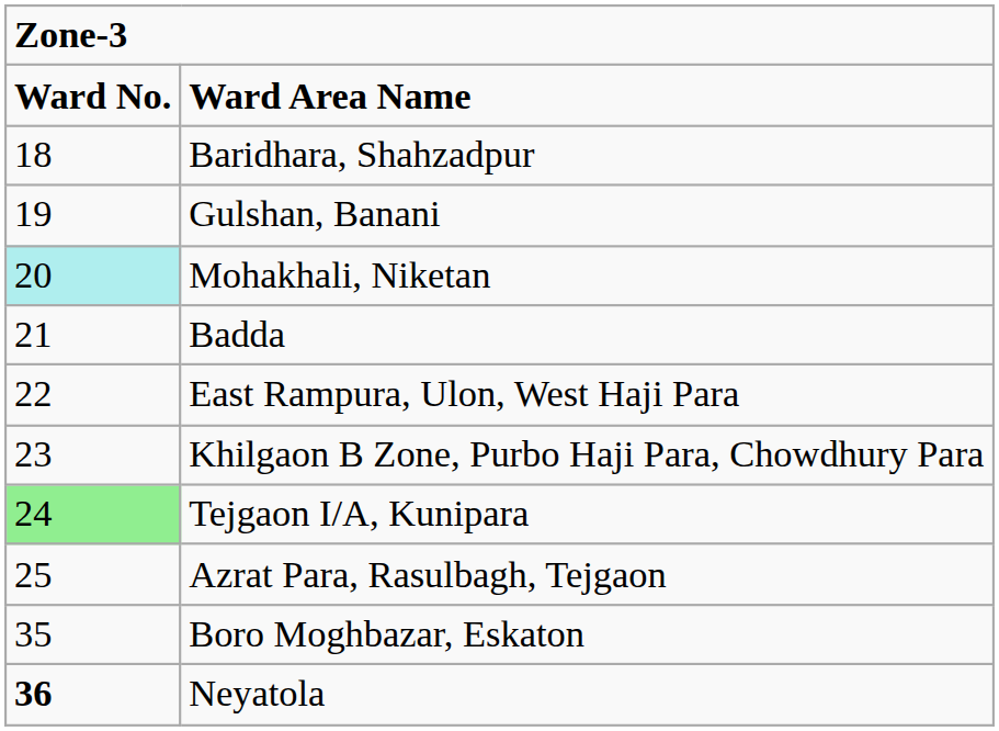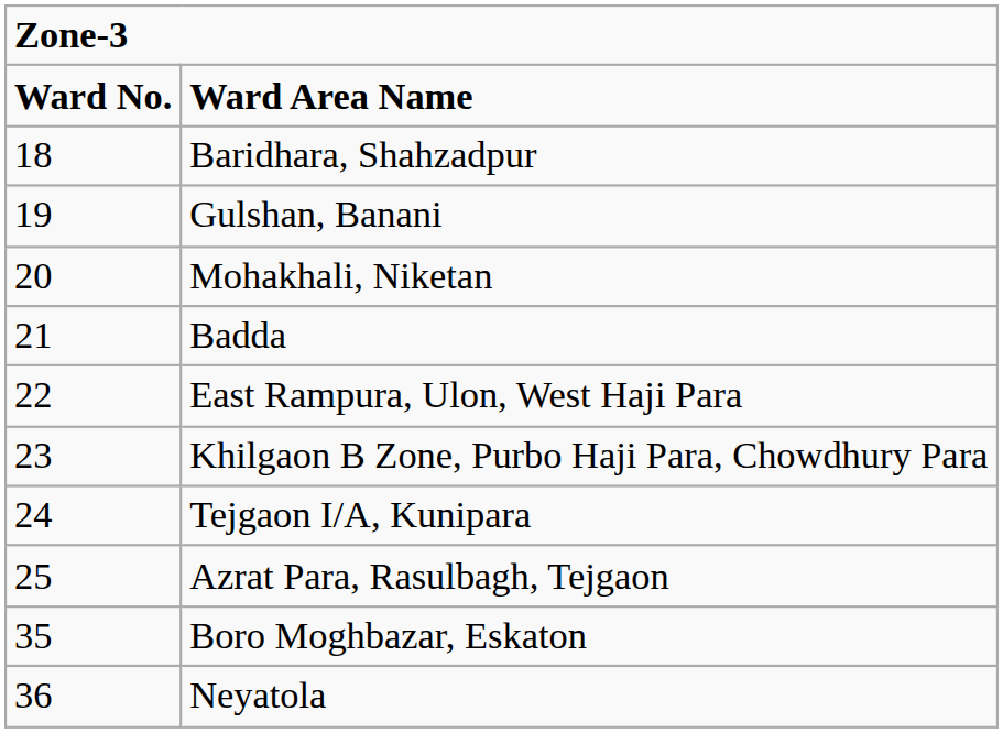 <table class="wikitable">
 <tr>
 <td colspan="2"><strong>Zone-3</strong></td>
 </tr>
 <tr>
 <td><strong>Ward No.</strong></td>
 <td><strong>Ward Area  Name</strong></td>
 </tr>
 <tr>
 <td>18</td>
 <td>Baridhara, Shahzadpur</td>
 </tr>
 <tr>
 <td>19</td>
 <td>Gulshan, Banani</td>
 </tr>
 <tr>
-<td style="background: paleturquoise;">20</td>
+<td>20</td>
 <td>Mohakhali,  Niketan</td>
 </tr>
 <tr>
 <td>21</td>
 <td>Badda</td>
 </tr>
 <tr>
 <td>22</td>
 <td>East Rampura,  Ulon, West Haji Para</td>
 </tr>
 <tr>
 <td>23</td>
 <td>Khilgaon B  Zone, Purbo Haji Para, Chowdhury Para</td>
 </tr>
 <tr>
-<td style="background: lightgreen;">24</td>
+<td>24</td>
 <td>Tejgaon I/A,  Kunipara</td>
 </tr>
 <tr>
 <td>25</td>
 <td>Azrat Para,  Rasulbagh, Tejgaon</td>
 </tr>
 <tr>
 <td>35</td>
 <td>Boro  Moghbazar, Eskaton</td>
 </tr>
 <tr>
-<td><strong>36</strong></td>
+<td>36</td>
 <td>Neyatola</td>
 </tr>
 </table>
